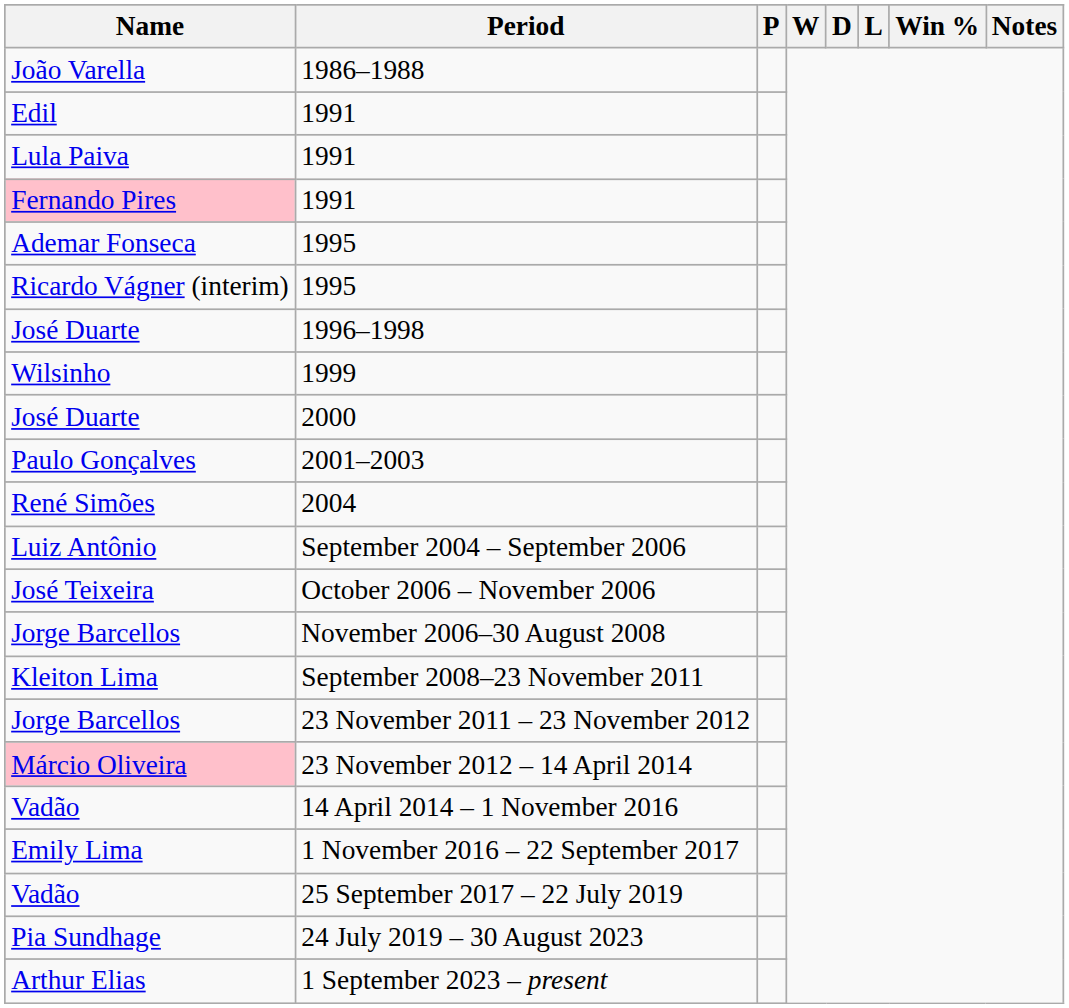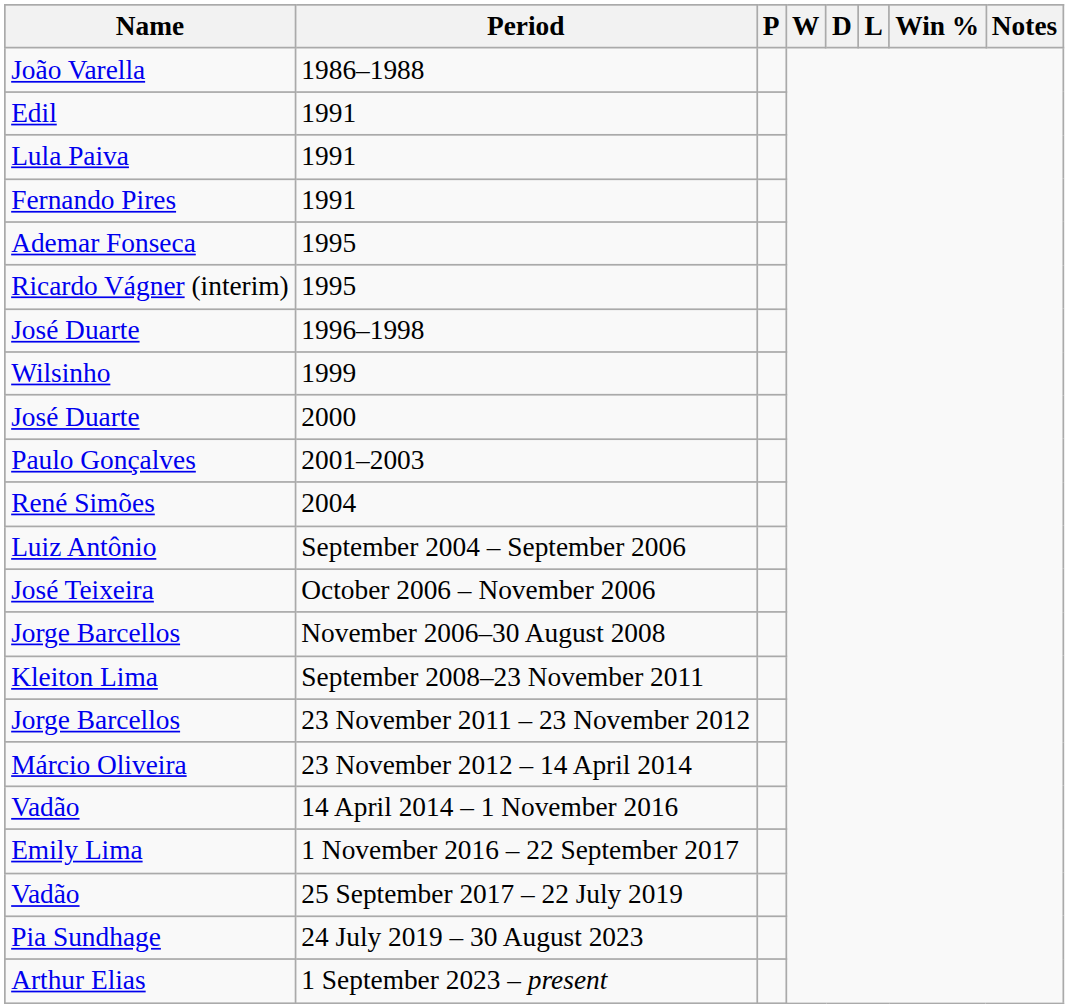 <table class="wikitable" style="text-align: right;">
 <tr>
 <th>Name</th>
 <th>Period</th>
 <th>P</th>
 <th>W</th>
 <th>D</th>
 <th>L</th>
 <th>Win %</th>
 <th>Notes</th>
 </tr>
 <tr>
 <td style="text-align: left;"> <a href='#'>João Varella</a></td>
 <td style="text-align: left;">1986–1988<br></td>
 <td></td>
 </tr>
 <tr>
 <td style="text-align: left;"> <a href='#'>Edil</a></td>
 <td style="text-align: left;">1991<br></td>
 <td></td>
 </tr>
 <tr>
 <td style="text-align: left;"> <a href='#'>Lula Paiva</a></td>
 <td style="text-align: left;">1991<br></td>
 <td style="text-align: left;"></td>
 </tr>
 <tr>
-<td style="background: pink; text-align: left;"> <a href='#'>Fernando Pires</a></td>
+<td style="text-align: left;"> <a href='#'>Fernando Pires</a></td>
 <td style="text-align: left;">1991<br></td>
 <td></td>
 </tr>
 <tr>
 <td style="text-align: left;"> <a href='#'>Ademar Fonseca</a></td>
 <td style="text-align: left;">1995<br></td>
 <td></td>
 </tr>
 <tr>
 <td style="text-align: left;"> <a href='#'>Ricardo Vágner</a> (interim)</td>
 <td style="text-align: left;">1995<br></td>
 <td style="text-align: left;"></td>
 </tr>
 <tr>
 <td style="text-align: left;"> <a href='#'>José Duarte</a></td>
 <td style="text-align: left;">1996–1998<br></td>
 <td></td>
 </tr>
 <tr>
 <td style="text-align: left;"> <a href='#'>Wilsinho</a></td>
 <td style="text-align: left;">1999<br></td>
 <td></td>
 </tr>
 <tr>
 <td style="text-align: left;"> <a href='#'>José Duarte</a></td>
 <td style="text-align: left;">2000<br></td>
 <td></td>
 </tr>
 <tr>
 <td style="text-align: left;"> <a href='#'>Paulo Gonçalves</a></td>
 <td style="text-align: left;">2001–2003<br></td>
 <td></td>
 </tr>
 <tr>
 <td style="text-align: left;"> <a href='#'>René Simões</a></td>
 <td style="text-align: left;">2004<br></td>
 <td></td>
 </tr>
 <tr>
 <td style="text-align: left;"> <a href='#'>Luiz Antônio</a></td>
 <td style="text-align: left;">September 2004 – September 2006<br></td>
 <td style="text-align: left;"></td>
 </tr>
 <tr>
 <td style="text-align: left;"> <a href='#'>José Teixeira</a></td>
 <td style="text-align: left;">October 2006 – November 2006<br></td>
 <td style="text-align: left;"></td>
 </tr>
 <tr>
 <td style="text-align: left;"> <a href='#'>Jorge Barcellos</a></td>
 <td style="text-align: left;">November 2006–30 August 2008<br></td>
 <td></td>
 </tr>
 <tr>
 <td style="text-align: left;"> <a href='#'>Kleiton Lima</a></td>
 <td style="text-align: left;">September 2008–23 November 2011<br></td>
 <td></td>
 </tr>
 <tr>
 <td style="text-align: left;"> <a href='#'>Jorge Barcellos</a></td>
 <td style="text-align: left;">23 November 2011 – 23 November 2012<br></td>
 <td></td>
 </tr>
 <tr>
-<td style="background: pink; text-align: left;"> <a href='#'>Márcio Oliveira</a></td>
+<td style="text-align: left;"> <a href='#'>Márcio Oliveira</a></td>
 <td style="text-align: left;">23 November 2012 – 14 April 2014<br></td>
 <td></td>
 </tr>
 <tr>
 <td style="text-align: left;"> <a href='#'>Vadão</a></td>
 <td style="text-align: left;">14 April 2014 – 1 November 2016<br></td>
 <td></td>
 </tr>
 <tr>
 <td style="text-align: left;">  <a href='#'>Emily Lima</a></td>
 <td style="text-align: left;">1 November 2016 – 22 September 2017<br></td>
 <td></td>
 </tr>
 <tr>
 <td style="text-align: left;"> <a href='#'>Vadão</a></td>
 <td style="text-align: left;">25 September 2017 – 22 July 2019<br></td>
 <td></td>
 </tr>
 <tr>
 <td style="text-align: left;"> <a href='#'>Pia Sundhage</a></td>
 <td style="text-align: left;">24 July 2019 – 30 August 2023<br></td>
 <td></td>
 </tr>
 <tr>
 <td style="text-align: left;"> <a href='#'>Arthur Elias</a></td>
 <td style="text-align: left;">1 September 2023 – <em>present</em><br></td>
 <td></td>
 </tr>
 <tr>
 </tr>
 </table>
